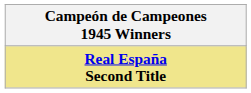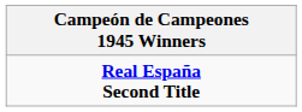 <table class="wikitable" style="text-align: center; margin: 0 auto; width: 20%">
 <tr>
 <th>Campeón de Campeones <br>1945 Winners</th>
 </tr>
 <tr>
-<td style="background: khaki;"><strong><a href='#'>Real España</a></strong><br><strong>Second Title</strong></td>
+<td><strong><a href='#'>Real España</a></strong><br><strong>Second Title</strong></td>
 </tr>
 </table>
